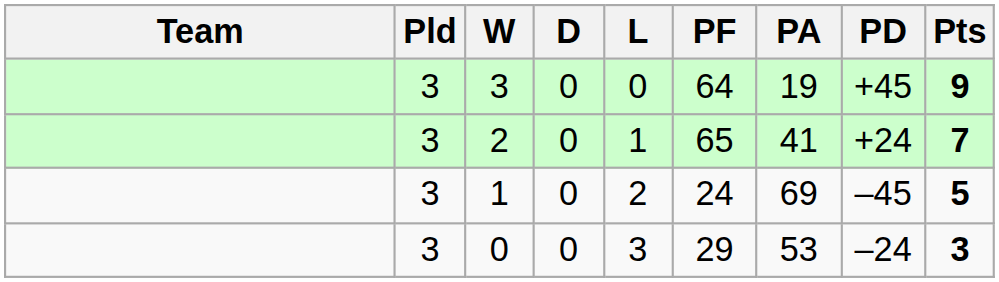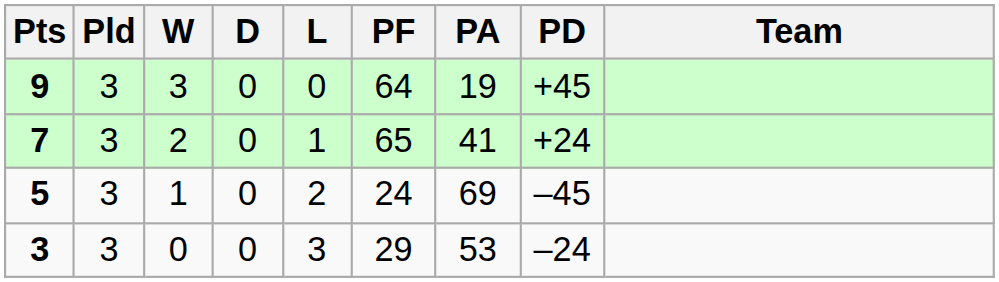 <table class="wikitable" style="text-align:center;">
 <tr>
-<th width=175>Team</th>
+<th width=25 abbr="Points">Pts</th>
 <th width=25 abbr="Played">Pld</th>
 <th width=25 abbr="Won">W</th>
 <th width=25 abbr="Drawn">D</th>
 <th width=25 abbr="Lost">L</th>
 <th width=32 abbr="Points for">PF</th>
 <th width=32 abbr="Points against">PA</th>
 <th width=32 abbr="Points difference">PD</th>
-<th width=25 abbr="Points">Pts</th>
+<th width=175>Team</th>
 </tr>
 <tr bgcolor=ccffcc>
-<td align=left></td>
+<td><strong>9</strong></td>
 <td>3</td>
 <td>3</td>
 <td>0</td>
 <td>0</td>
 <td>64</td>
 <td>19</td>
 <td>+45</td>
-<td><strong>9</strong></td>
+<td align=left></td>
 </tr>
 <tr bgcolor=ccffcc>
-<td align=left></td>
+<td><strong>7</strong></td>
 <td>3</td>
 <td>2</td>
 <td>0</td>
 <td>1</td>
 <td>65</td>
 <td>41</td>
 <td>+24</td>
-<td><strong>7</strong></td>
+<td align=left></td>
 </tr>
 <tr>
-<td align=left></td>
+<td><strong>5</strong></td>
 <td>3</td>
 <td>1</td>
 <td>0</td>
 <td>2</td>
 <td>24</td>
 <td>69</td>
 <td>–45</td>
-<td><strong>5</strong></td>
+<td align=left></td>
 </tr>
 <tr>
-<td align=left></td>
+<td><strong>3</strong></td>
 <td>3</td>
 <td>0</td>
 <td>0</td>
 <td>3</td>
 <td>29</td>
 <td>53</td>
 <td>–24</td>
-<td><strong>3</strong></td>
+<td align=left></td>
 </tr>
 </table>
